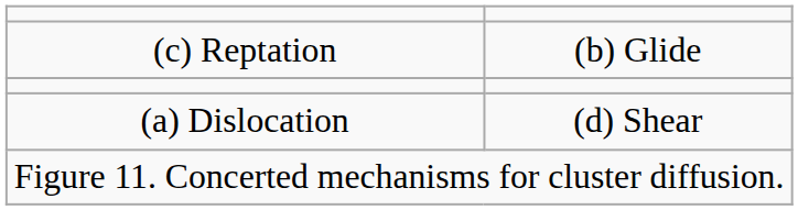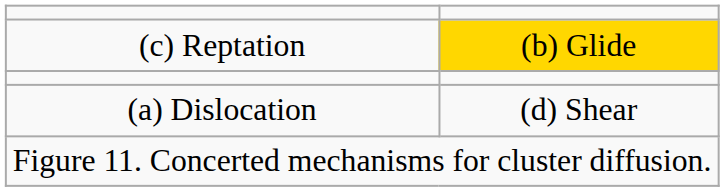 <table class="wikitable" style="float:right;">
 <tr>
 <td></td>
 <td></td>
 </tr>
 <tr>
 <td align="center">(c) Reptation</td>
-<td align="center">(b) Glide</td>
+<td align="center" style="background: gold;">(b) Glide</td>
 </tr>
 <tr>
 <td></td>
 <td></td>
 </tr>
 <tr>
 <td align="center">(a) Dislocation</td>
 <td align="center">(d) Shear</td>
 </tr>
 <tr>
 <td colspan="2" align="center">Figure 11. Concerted mechanisms for cluster diffusion.</td>
 </tr>
 </table>
